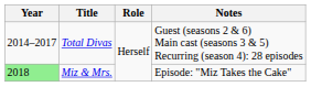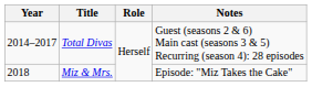 <table class="wikitable sortable">
 <tr>
 <th>Year</th>
 <th>Title</th>
 <th>Role</th>
 <th class="unsortable">Notes</th>
 </tr>
 <tr>
 <td>2014–2017</td>
 <td><em><a href='#'>Total Divas</a></em></td>
 <td rowspan="2">Herself</td>
 <td>Guest (seasons 2 & 6) <br> Main cast (seasons 3 & 5) <br> Recurring (season 4): 28 episodes</td>
 </tr>
 <tr>
-<td style="background: lightgreen;">2018</td>
+<td>2018</td>
 <td><em><a href='#'>Miz & Mrs.</a></em></td>
 <td>Episode: "Miz Takes the Cake"</td>
 </tr>
 </table>
